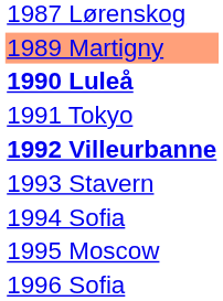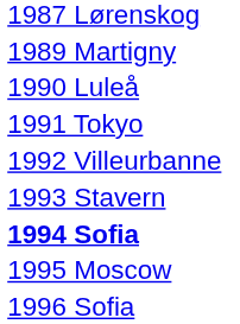 <table>
 <tr>
 <td><a href='#'>1987 Lørenskog</a></td>
 <td></td>
 <td></td>
 <td></td>
 </tr>
 <tr>
-<td style="background: lightsalmon;"><a href='#'>1989 Martigny</a></td>
+<td><a href='#'>1989 Martigny</a></td>
 <td></td>
 <td></td>
 <td></td>
 </tr>
 <tr>
-<td><strong><a href='#'>1990 Luleå</a></strong></td>
+<td><a href='#'>1990 Luleå</a></td>
 <td></td>
 <td></td>
 <td></td>
 </tr>
 <tr>
 <td><a href='#'>1991 Tokyo</a></td>
 <td></td>
 <td></td>
 <td></td>
 </tr>
 <tr>
-<td><strong><a href='#'>1992 Villeurbanne</a></strong></td>
+<td><a href='#'>1992 Villeurbanne</a></td>
 <td></td>
 <td></td>
 <td></td>
 </tr>
 <tr>
 <td><a href='#'>1993 Stavern</a></td>
 <td></td>
 <td></td>
 <td></td>
 </tr>
 <tr>
-<td><a href='#'>1994 Sofia</a></td>
+<td><strong><a href='#'>1994 Sofia</a></strong></td>
 <td></td>
 <td></td>
 <td></td>
 </tr>
 <tr>
 <td><a href='#'>1995 Moscow</a></td>
 <td></td>
 <td></td>
 <td></td>
 </tr>
 <tr>
 <td><a href='#'>1996 Sofia</a></td>
 <td></td>
 <td></td>
 <td></td>
 </tr>
 </table>
